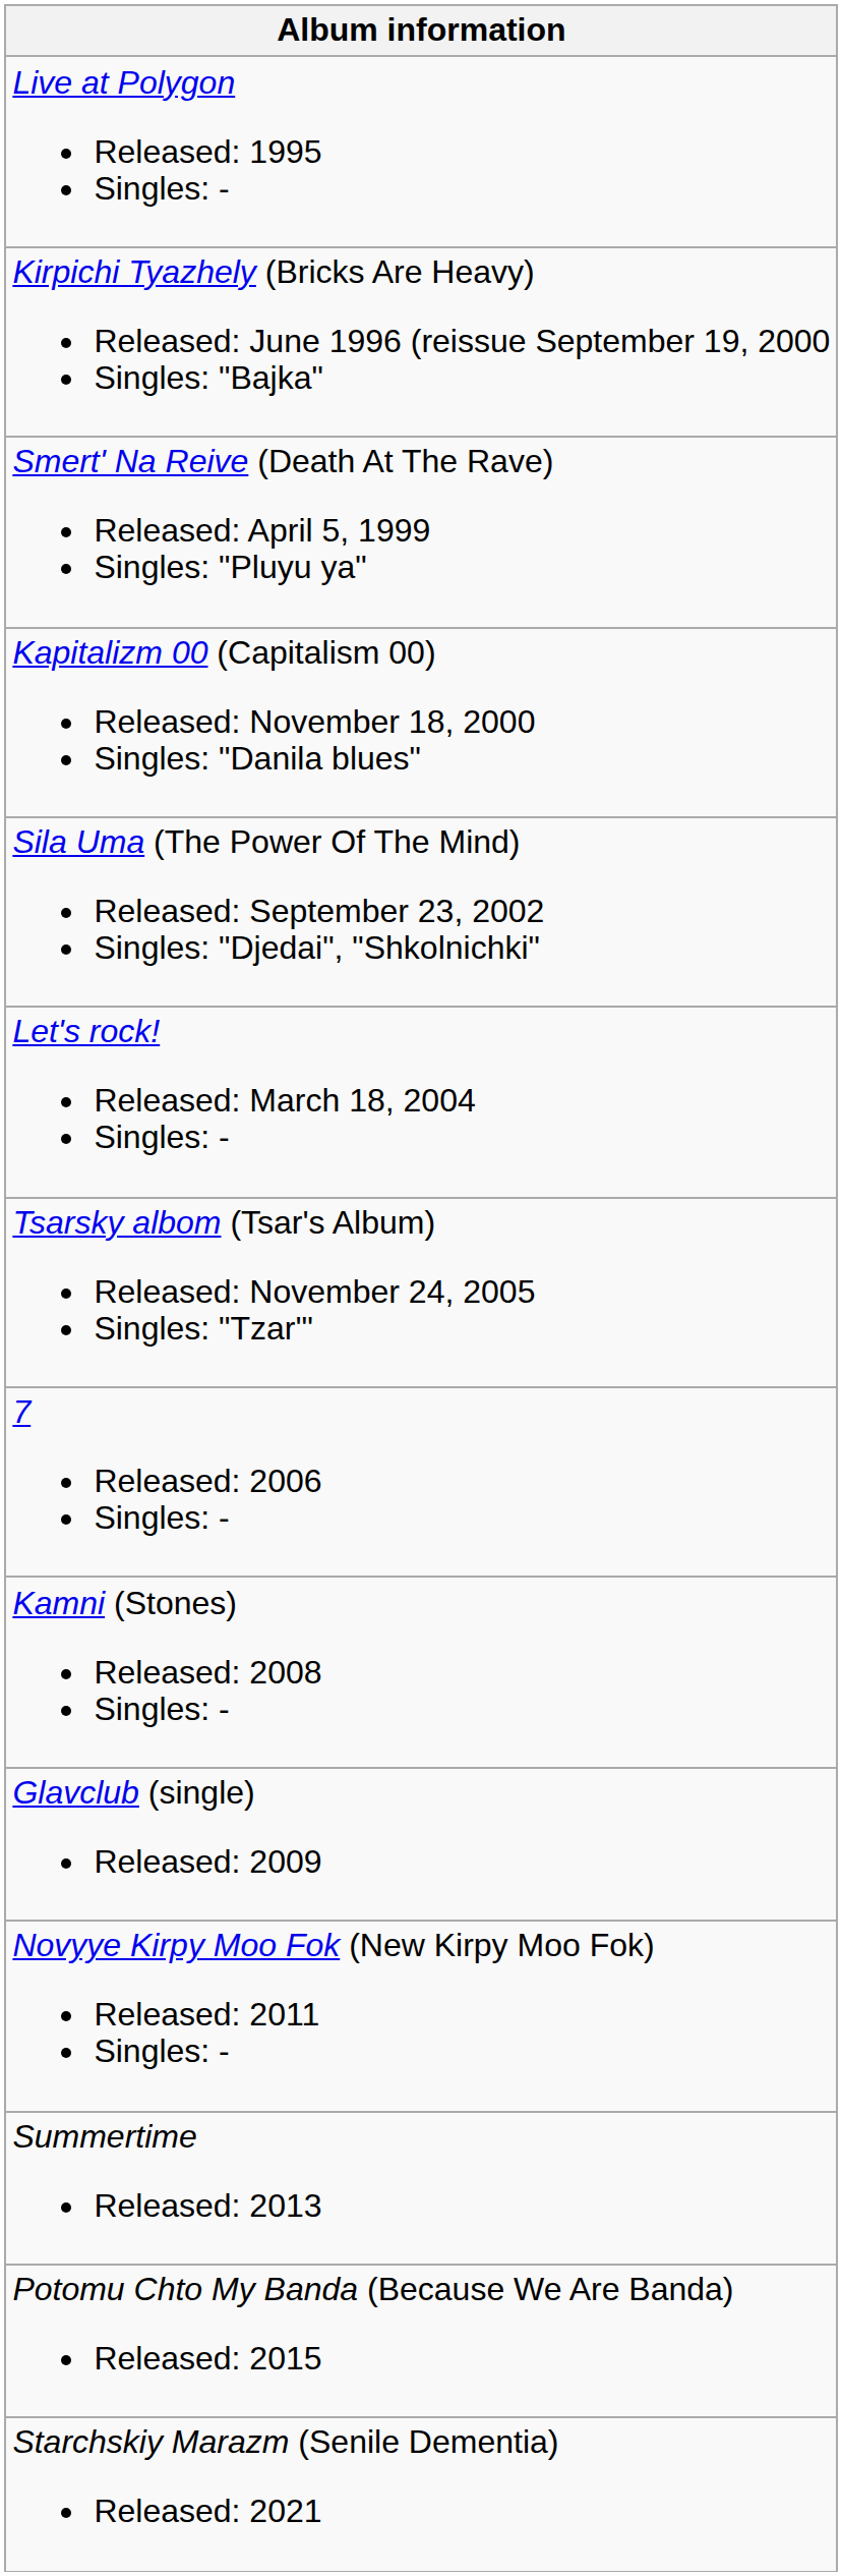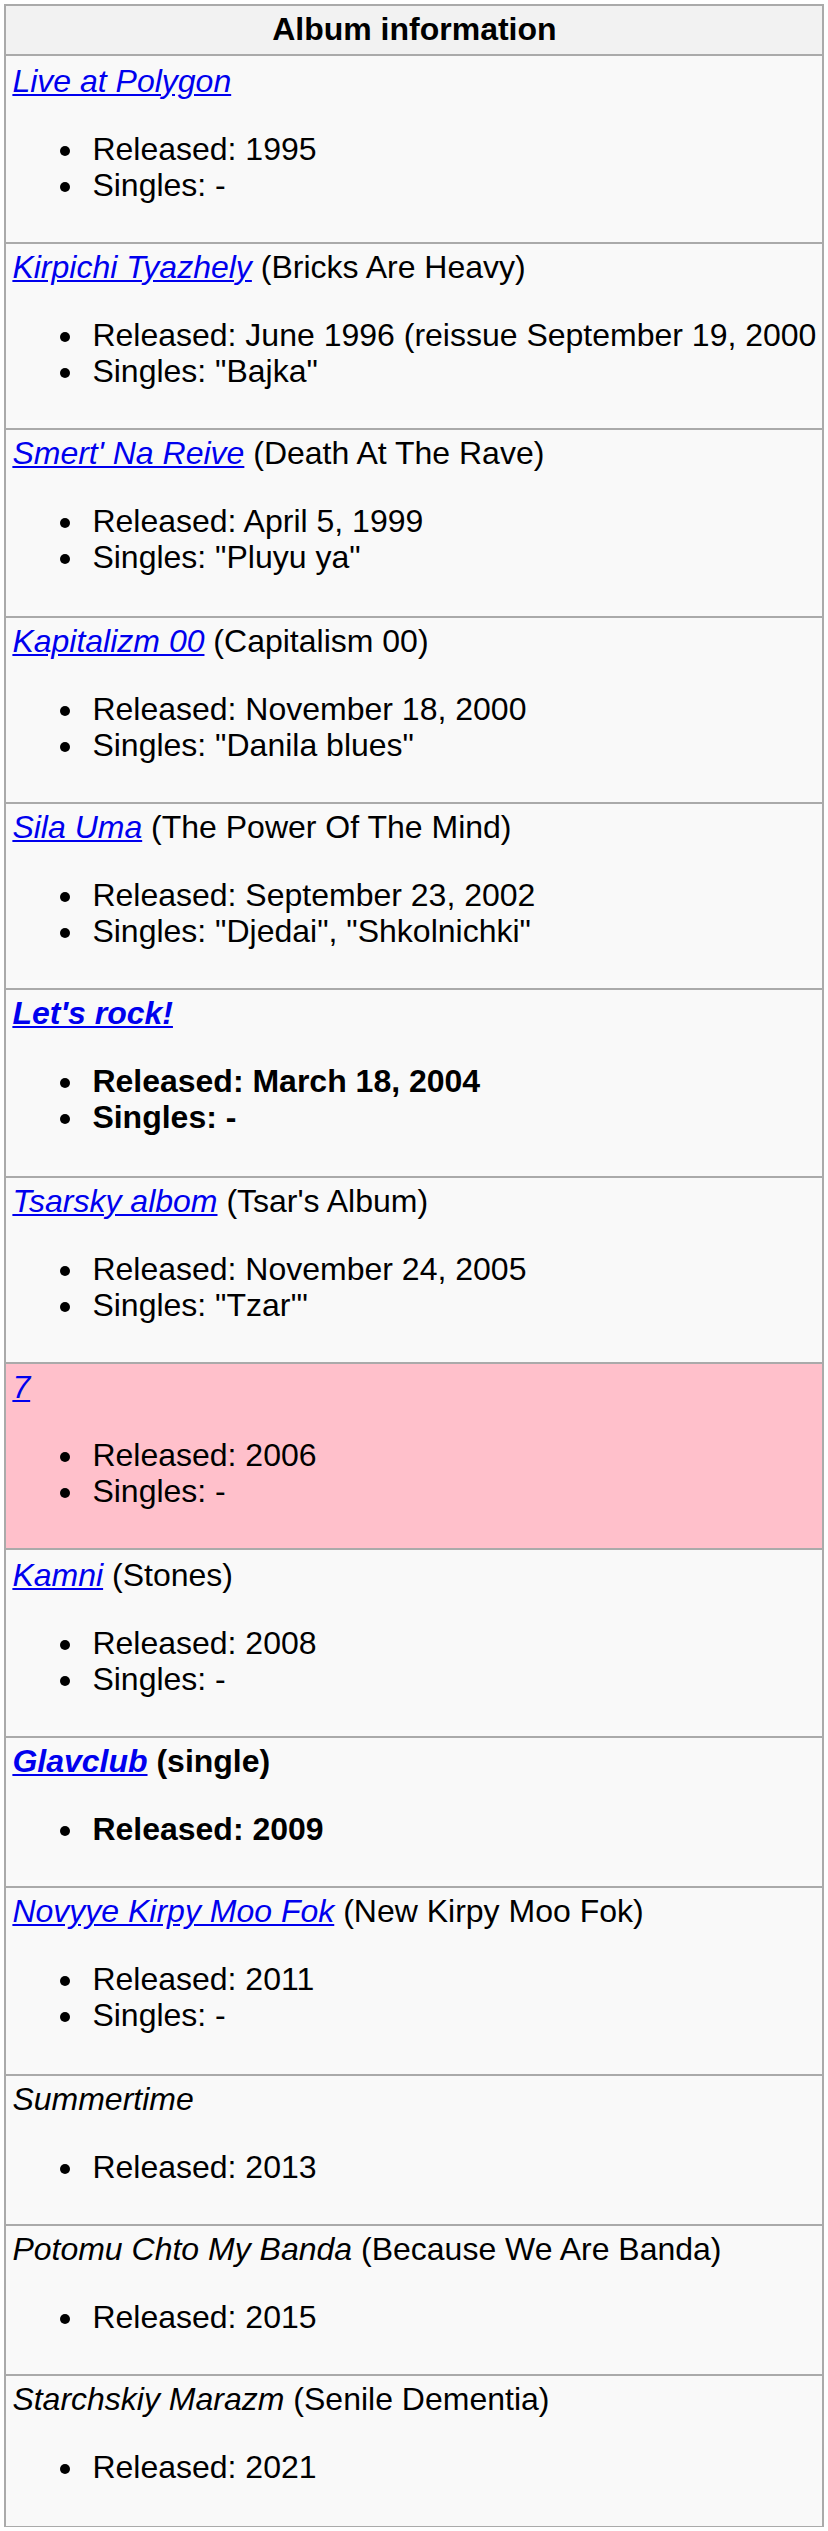 <table class="wikitable">
 <tr>
 <th align="left">Album information</th>
 </tr>
 <tr>
 <td align="left"><em><a href='#'>Live at Polygon</a></em><br><ul><li>Released: 1995</li><li>Singles: -</li></ul></td>
 </tr>
 <tr>
 <td align="left"><em><a href='#'>Kirpichi Tyazhely</a></em> (Bricks Are Heavy)<br><ul><li>Released: June 1996 (reissue September 19, 2000</li><li>Singles: "Bajka"</li></ul></td>
 </tr>
 <tr>
 <td align="left"><em><a href='#'>Smert' Na Reive</a></em> (Death At The Rave)<br><ul><li>Released: April 5, 1999</li><li>Singles: "Pluyu ya"</li></ul></td>
 </tr>
 <tr>
 <td align="left"><em><a href='#'>Kapitalizm 00</a></em> (Capitalism 00)<br><ul><li>Released: November 18, 2000</li><li>Singles: "Danila blues"</li></ul></td>
 </tr>
 <tr>
 <td align="left"><em><a href='#'>Sila Uma</a></em> (The Power Of The Mind)<br><ul><li>Released: September 23, 2002</li><li>Singles: "Djedai", "Shkolnichki"</li></ul></td>
 </tr>
 <tr>
-<td align="left"><em><a href='#'>Let's rock!</a></em><br><ul><li>Released: March 18, 2004</li><li>Singles: -</li></ul></td>
+<td align="left"><strong><em><a href='#'>Let's rock!</a></em><br><ul><li>Released: March 18, 2004</li><li>Singles: -</li></ul></strong></td>
 </tr>
 <tr>
 <td align="left"><em><a href='#'>Tsarsky albom</a></em> (Tsar's Album)<br><ul><li>Released: November 24, 2005</li><li>Singles: "Tzar'"</li></ul></td>
 </tr>
 <tr>
-<td align="left"><em><a href='#'>7</a></em><br><ul><li>Released: 2006</li><li>Singles: -</li></ul></td>
+<td align="left" style="background: pink;"><em><a href='#'>7</a></em><br><ul><li>Released: 2006</li><li>Singles: -</li></ul></td>
 </tr>
 <tr>
 <td align="left"><em><a href='#'>Kamni</a></em> (Stones)<br><ul><li>Released: 2008</li><li>Singles: -</li></ul></td>
 </tr>
 <tr>
-<td align="left"><em><a href='#'>Glavclub</a></em> (single)<br><ul><li>Released: 2009</li></ul></td>
+<td align="left"><strong><em><a href='#'>Glavclub</a></em> (single)<br><ul><li>Released: 2009</li></ul></strong></td>
 </tr>
 <tr>
 <td align="left"><em><a href='#'>Novyye Kirpy Moo Fok</a></em> (New Kirpy Moo Fok)<br><ul><li>Released: 2011</li><li>Singles: -</li></ul></td>
 </tr>
 <tr>
 <td align="left"><em>Summertime</em><br><ul><li>Released: 2013</li></ul></td>
 </tr>
 <tr>
 <td align="left"><em>Potomu Chto My Banda</em> (Because We Are Banda)<br><ul><li>Released: 2015</li></ul></td>
 </tr>
 <tr>
 <td><em>Starchskiy Marazm</em> (Senile Dementia)<br><ul><li>Released: 2021</li></ul></td>
 </tr>
 </table>
